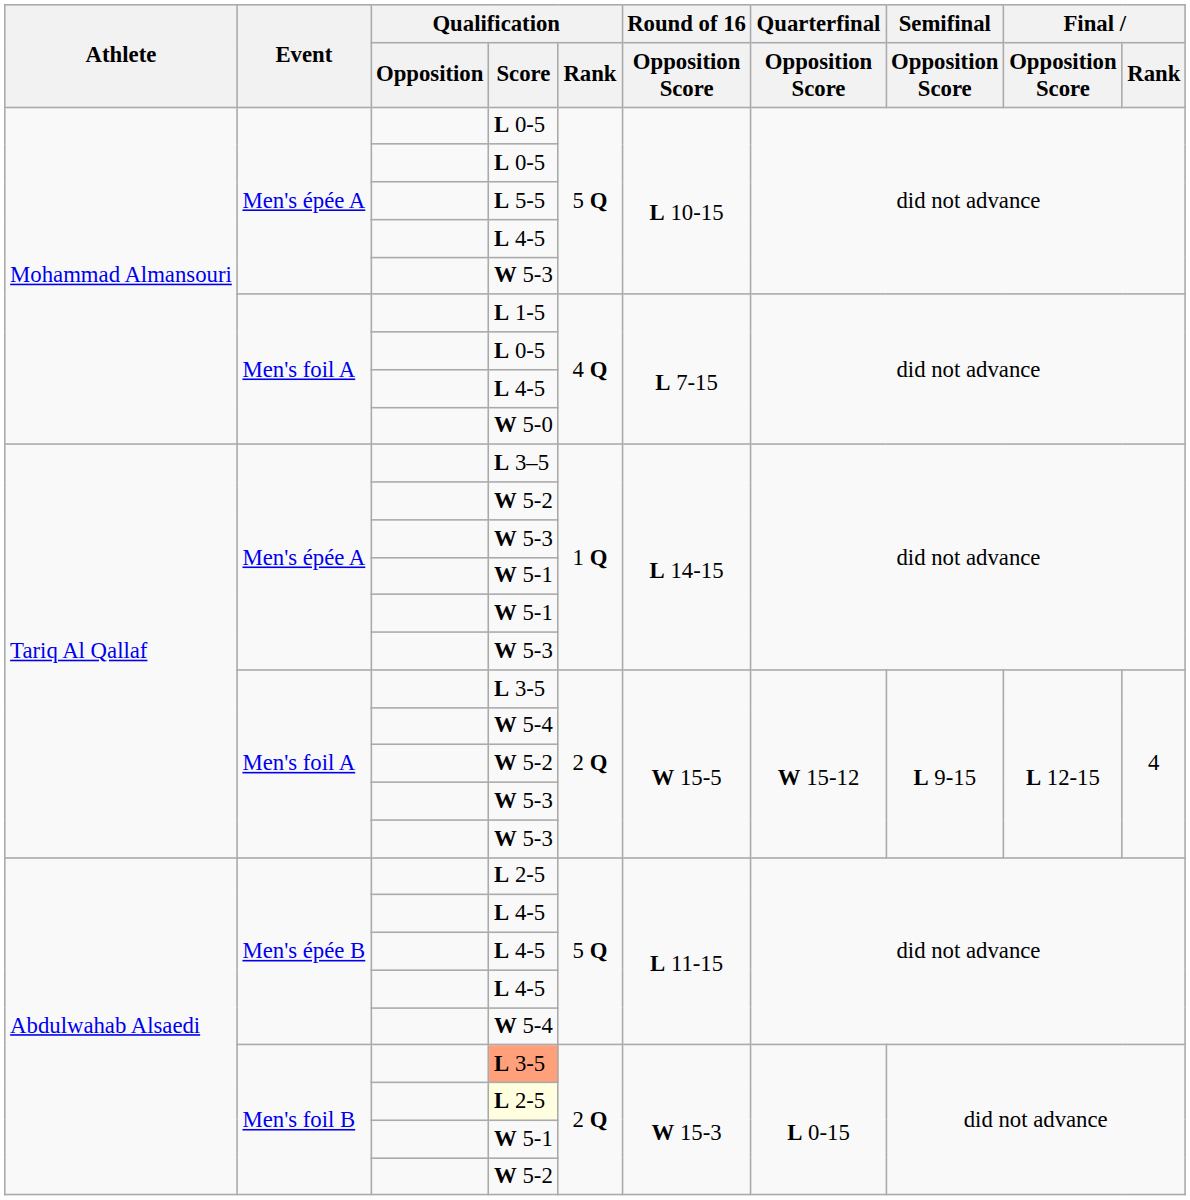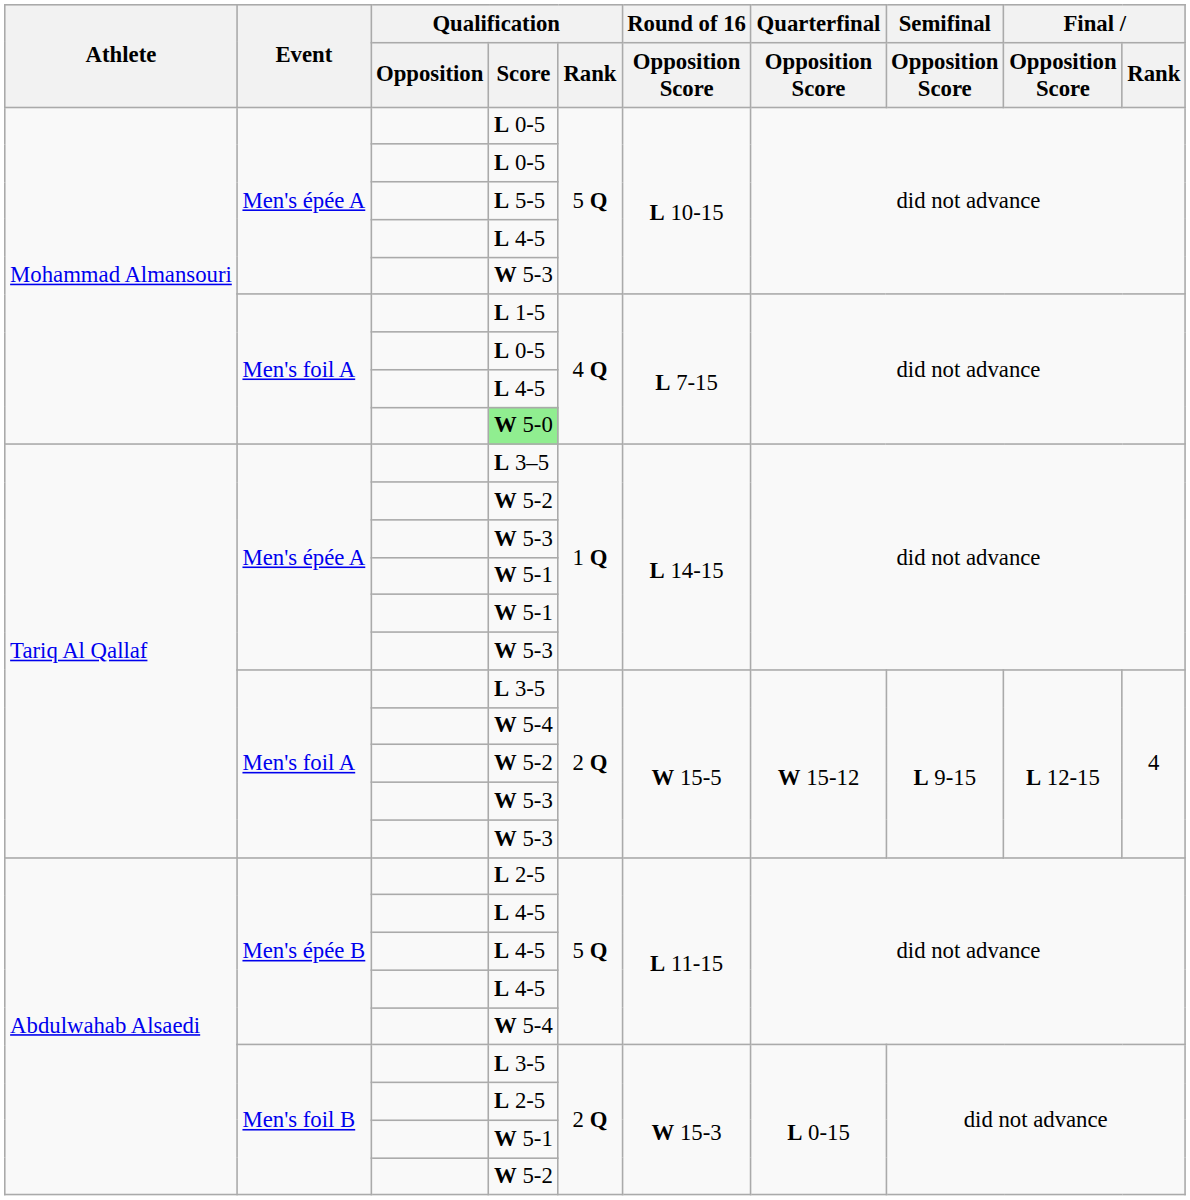 <table class=wikitable style="font-size:90%">
 <tr>
 <th rowspan="2">Athlete</th>
 <th rowspan="2">Event</th>
 <th colspan="3">Qualification</th>
 <th>Round of 16</th>
 <th>Quarterfinal</th>
 <th>Semifinal</th>
 <th colspan="2">Final / </th>
 </tr>
 <tr>
 <th>Opposition</th>
 <th>Score</th>
 <th>Rank</th>
 <th>Opposition<br>Score</th>
 <th>Opposition<br>Score</th>
 <th>Opposition<br>Score</th>
 <th>Opposition<br>Score</th>
 <th>Rank</th>
 </tr>
 <tr>
 <td rowspan=9><a href='#'>Mohammad Almansouri</a></td>
 <td rowspan=5><a href='#'>Men's épée A</a></td>
 <td></td>
 <td><strong>L</strong> 0-5</td>
 <td align="center" rowspan=5>5 <strong>Q</strong></td>
 <td align="center" rowspan=5><br><strong>L</strong> 10-15</td>
 <td align="center" rowspan=5 colspan=4>did not advance</td>
 </tr>
 <tr>
 <td></td>
 <td><strong>L</strong> 0-5</td>
 </tr>
 <tr>
 <td></td>
 <td><strong>L</strong> 5-5</td>
 </tr>
 <tr>
 <td></td>
 <td><strong>L</strong> 4-5</td>
 </tr>
 <tr>
 <td></td>
 <td><strong>W</strong> 5-3</td>
 </tr>
 <tr>
 <td rowspan=4><a href='#'>Men's foil A</a></td>
 <td></td>
 <td><strong>L</strong> 1-5</td>
 <td align="center" rowspan=4>4 <strong>Q</strong></td>
 <td align="center" rowspan=4><br><strong>L</strong> 7-15</td>
 <td align="center" rowspan=4 colspan=4>did not advance</td>
 </tr>
 <tr>
 <td></td>
 <td><strong>L</strong> 0-5</td>
 </tr>
 <tr>
 <td></td>
 <td><strong>L</strong> 4-5</td>
 </tr>
 <tr>
 <td></td>
-<td><strong>W</strong> 5-0</td>
+<td style="background: lightgreen;"><strong>W</strong> 5-0</td>
 </tr>
 <tr>
 <td rowspan=11><a href='#'>Tariq Al Qallaf</a></td>
 <td rowspan=6><a href='#'>Men's épée A</a></td>
 <td></td>
 <td><strong>L</strong> 3–5</td>
 <td align="center" rowspan=6>1 <strong>Q</strong></td>
 <td align="center" rowspan=6><br><strong>L</strong> 14-15</td>
 <td align="center" rowspan=6 colspan=4>did not advance</td>
 </tr>
 <tr>
 <td></td>
 <td><strong>W</strong> 5-2</td>
 </tr>
 <tr>
 <td></td>
 <td><strong>W</strong> 5-3</td>
 </tr>
 <tr>
 <td></td>
 <td><strong>W</strong> 5-1</td>
 </tr>
 <tr>
 <td></td>
 <td><strong>W</strong> 5-1</td>
 </tr>
 <tr>
 <td></td>
 <td><strong>W</strong> 5-3</td>
 </tr>
 <tr>
 <td rowspan=5><a href='#'>Men's foil A</a></td>
 <td></td>
 <td><strong>L</strong> 3-5</td>
 <td align="center" rowspan=5>2 <strong>Q</strong></td>
 <td align="center" rowspan=5><br><strong>W</strong> 15-5</td>
 <td align="center" rowspan=5><br><strong>W</strong> 15-12</td>
 <td align="center" rowspan=5><br><strong>L</strong> 9-15</td>
 <td align="center" rowspan=5><br><strong>L</strong> 12-15</td>
 <td align="center" rowspan=5>4</td>
 </tr>
 <tr>
 <td></td>
 <td><strong>W</strong> 5-4</td>
 </tr>
 <tr>
 <td></td>
 <td><strong>W</strong> 5-2</td>
 </tr>
 <tr>
 <td></td>
 <td><strong>W</strong> 5-3</td>
 </tr>
 <tr>
 <td></td>
 <td><strong>W</strong> 5-3</td>
 </tr>
 <tr>
 <td rowspan=10><a href='#'>Abdulwahab Alsaedi</a></td>
 <td rowspan=5><a href='#'>Men's épée B</a></td>
 <td></td>
 <td><strong>L</strong> 2-5</td>
 <td align="center" rowspan=5>5 <strong>Q</strong></td>
 <td align="center" rowspan=5><br><strong>L</strong> 11-15</td>
 <td align="center" rowspan=5 colspan=4>did not advance</td>
 </tr>
 <tr>
 <td></td>
 <td><strong>L</strong> 4-5</td>
 </tr>
 <tr>
 <td></td>
 <td><strong>L</strong> 4-5</td>
 </tr>
 <tr>
 <td></td>
 <td><strong>L</strong> 4-5</td>
 </tr>
 <tr>
 <td></td>
 <td><strong>W</strong> 5-4</td>
 </tr>
 <tr>
 <td rowspan=5><a href='#'>Men's foil B</a></td>
 <td></td>
-<td style="background: lightsalmon;"><strong>L</strong> 3-5</td>
+<td><strong>L</strong> 3-5</td>
 <td align="center" rowspan=5>2 <strong>Q</strong></td>
 <td align="center" rowspan=5><br><strong>W</strong> 15-3</td>
 <td align="center" rowspan=5><br><strong>L</strong> 0-15</td>
 <td align="center" rowspan=5 colspan=3>did not advance</td>
 </tr>
 <tr>
 <td></td>
-<td style="background: lightyellow;"><strong>L</strong> 2-5</td>
+<td><strong>L</strong> 2-5</td>
 </tr>
 <tr>
 <td></td>
 <td><strong>W</strong> 5-1</td>
 </tr>
 <tr>
 <td></td>
 <td><strong>W</strong> 5-2</td>
 </tr>
 </table>
